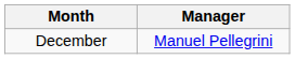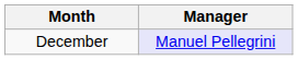 <table class="wikitable" style="text-align:center">
 <tr>
 <th>Month</th>
 <th>Manager</th>
 </tr>
 <tr>
 <td style="width:130px;">December</td>
-<td style="width:150px;"> <a href='#'>Manuel Pellegrini</a></td>
+<td style="background: lavender; width:150px;"> <a href='#'>Manuel Pellegrini</a></td>
 </tr>
 </table>
